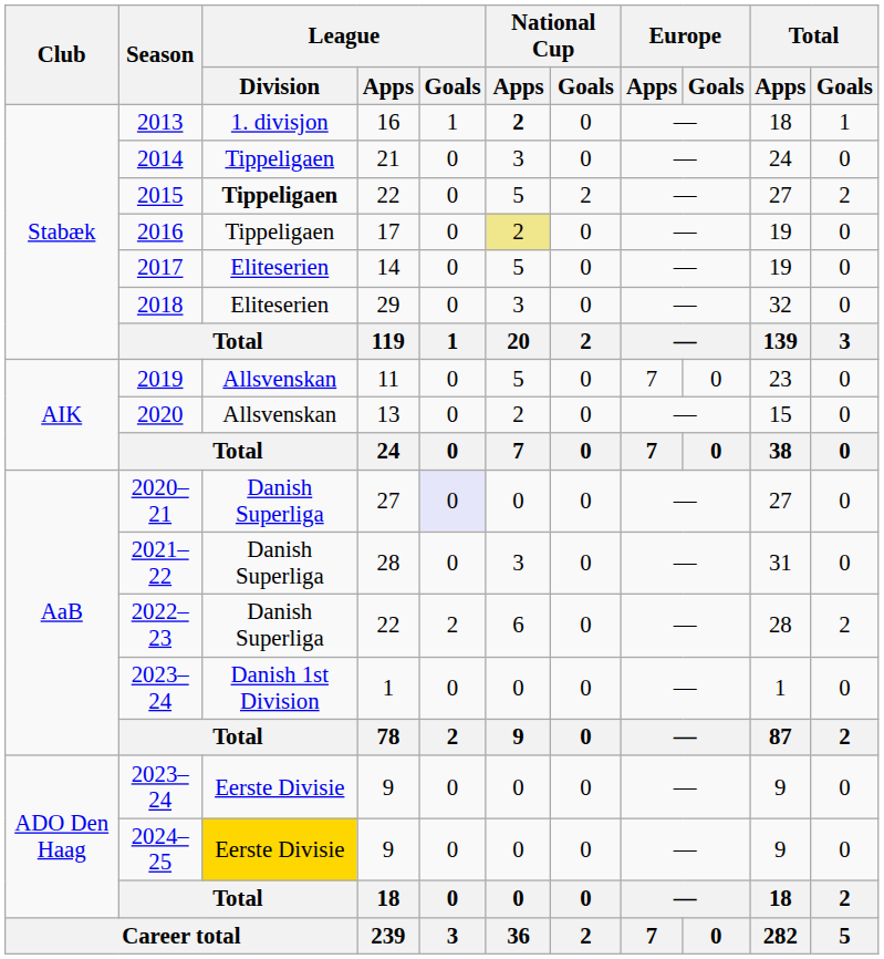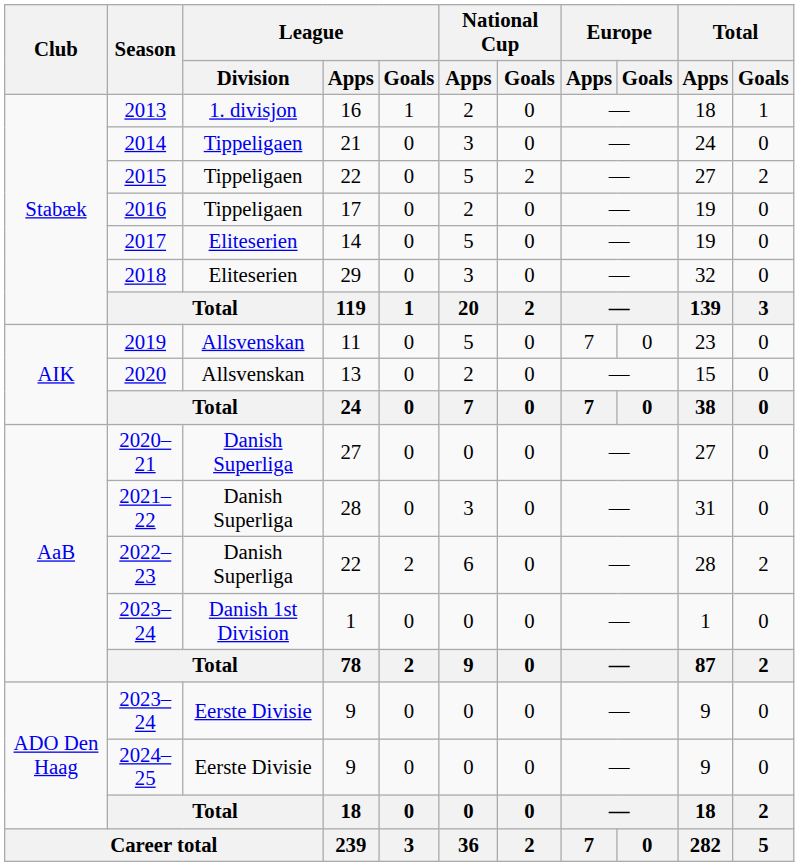 <table class="wikitable" style="text-align: center;">
 <tr>
 <th rowspan="2">Club</th>
 <th rowspan="2">Season</th>
 <th colspan="3">League</th>
 <th colspan="2">National Cup</th>
 <th colspan="2">Europe</th>
 <th colspan="2">Total</th>
 </tr>
 <tr>
 <th>Division</th>
 <th>Apps</th>
 <th>Goals</th>
 <th>Apps</th>
 <th>Goals</th>
 <th>Apps</th>
 <th>Goals</th>
 <th>Apps</th>
 <th>Goals</th>
 </tr>
 <tr>
 <td rowspan="7"><a href='#'>Stabæk</a></td>
 <td><a href='#'>2013</a></td>
 <td><a href='#'>1. divisjon</a></td>
 <td>16</td>
 <td>1</td>
-<td><strong>2</strong></td>
+<td>2</td>
 <td>0</td>
 <td colspan="2">—</td>
 <td>18</td>
 <td>1</td>
 </tr>
 <tr>
 <td><a href='#'>2014</a></td>
 <td><a href='#'>Tippeligaen</a></td>
 <td>21</td>
 <td>0</td>
 <td>3</td>
 <td>0</td>
 <td colspan="2">—</td>
 <td>24</td>
 <td>0</td>
 </tr>
 <tr>
 <td><a href='#'>2015</a></td>
-<td><strong>Tippeligaen</strong></td>
+<td>Tippeligaen</td>
 <td>22</td>
 <td>0</td>
 <td>5</td>
 <td>2</td>
 <td colspan="2">—</td>
 <td>27</td>
 <td>2</td>
 </tr>
 <tr>
 <td><a href='#'>2016</a></td>
 <td>Tippeligaen</td>
 <td>17</td>
 <td>0</td>
-<td style="background: khaki;">2</td>
+<td>2</td>
 <td>0</td>
 <td colspan="2">—</td>
 <td>19</td>
 <td>0</td>
 </tr>
 <tr>
 <td><a href='#'>2017</a></td>
 <td><a href='#'>Eliteserien</a></td>
 <td>14</td>
 <td>0</td>
 <td>5</td>
 <td>0</td>
 <td colspan="2">—</td>
 <td>19</td>
 <td>0</td>
 </tr>
 <tr>
 <td><a href='#'>2018</a></td>
 <td>Eliteserien</td>
 <td>29</td>
 <td>0</td>
 <td>3</td>
 <td>0</td>
 <td colspan="2">—</td>
 <td>32</td>
 <td>0</td>
 </tr>
 <tr>
 <th colspan="2">Total</th>
 <th>119</th>
 <th>1</th>
 <th>20</th>
 <th>2</th>
 <th colspan="2">—</th>
 <th>139</th>
 <th>3</th>
 </tr>
 <tr>
 <td rowspan="3"><a href='#'>AIK</a></td>
 <td><a href='#'>2019</a></td>
 <td><a href='#'>Allsvenskan</a></td>
 <td>11</td>
 <td>0</td>
 <td>5</td>
 <td>0</td>
 <td 0>7</td>
 <td>0</td>
 <td>23</td>
 <td>0</td>
 </tr>
 <tr>
 <td><a href='#'>2020</a></td>
 <td>Allsvenskan</td>
 <td>13</td>
 <td>0</td>
 <td>2</td>
 <td>0</td>
 <td colspan="2">—</td>
 <td>15</td>
 <td>0</td>
 </tr>
 <tr>
 <th colspan="2">Total</th>
 <th>24</th>
 <th>0</th>
 <th>7</th>
 <th>0</th>
 <th>7</th>
 <th>0</th>
 <th>38</th>
 <th>0</th>
 </tr>
 <tr>
 <td rowspan="5"><a href='#'>AaB</a></td>
 <td><a href='#'>2020–21</a></td>
 <td><a href='#'>Danish Superliga</a></td>
 <td>27</td>
-<td style="background: lavender;">0</td>
+<td>0</td>
 <td>0</td>
 <td>0</td>
 <td colspan="2">—</td>
 <td>27</td>
 <td>0</td>
 </tr>
 <tr>
 <td><a href='#'>2021–22</a></td>
 <td>Danish Superliga</td>
 <td>28</td>
 <td>0</td>
 <td>3</td>
 <td>0</td>
 <td colspan="2">—</td>
 <td>31</td>
 <td>0</td>
 </tr>
 <tr>
 <td><a href='#'>2022–23</a></td>
 <td>Danish Superliga</td>
 <td>22</td>
 <td>2</td>
 <td>6</td>
 <td>0</td>
 <td colspan="2">—</td>
 <td>28</td>
 <td>2</td>
 </tr>
 <tr>
 <td><a href='#'>2023–24</a></td>
 <td><a href='#'>Danish 1st Division</a></td>
 <td>1</td>
 <td>0</td>
 <td>0</td>
 <td>0</td>
 <td colspan="2">—</td>
 <td>1</td>
 <td>0</td>
 </tr>
 <tr>
 <th colspan="2">Total</th>
 <th>78</th>
 <th>2</th>
 <th>9</th>
 <th>0</th>
 <th colspan="2">—</th>
 <th>87</th>
 <th>2</th>
 </tr>
 <tr>
 <td rowspan="3"><a href='#'>ADO Den Haag</a></td>
 <td><a href='#'>2023–24</a></td>
 <td><a href='#'>Eerste Divisie</a></td>
 <td>9</td>
 <td>0</td>
 <td>0</td>
 <td>0</td>
 <td colspan="2">—</td>
 <td>9</td>
 <td>0</td>
 </tr>
 <tr>
 <td><a href='#'>2024–25</a></td>
-<td style="background: gold;">Eerste Divisie</td>
+<td>Eerste Divisie</td>
 <td>9</td>
 <td>0</td>
 <td>0</td>
 <td>0</td>
 <td colspan="2">—</td>
 <td>9</td>
 <td>0</td>
 </tr>
 <tr>
 <th colspan="2">Total</th>
 <th>18</th>
 <th>0</th>
 <th>0</th>
 <th>0</th>
 <th colspan="2">—</th>
 <th>18</th>
 <th>2</th>
 </tr>
 <tr>
 <th colspan="3">Career total</th>
 <th>239</th>
 <th>3</th>
 <th>36</th>
 <th>2</th>
 <th>7</th>
 <th>0</th>
 <th>282</th>
 <th>5</th>
 </tr>
 </table>
